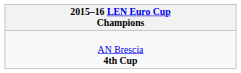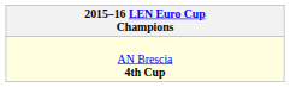 <table class="wikitable" style="margin: 0 auto; width: 30%;">
 <tr>
 <th>2015–16 <a href='#'>LEN Euro Cup</a><br>Champions</th>
 </tr>
 <tr>
-<td align=center><br><a href='#'>AN Brescia</a><br><strong>4th Cup</strong></td>
+<td align=center style="background: lightyellow;"><br><a href='#'>AN Brescia</a><br><strong>4th Cup</strong></td>
 </tr>
 </table>
